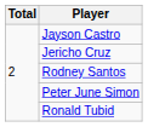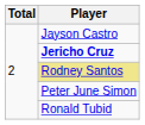 <table class=wikitable>
 <tr>
 <th>Total</th>
 <th>Player</th>
 </tr>
 <tr>
 <td rowspan=5>2</td>
 <td><a href='#'>Jayson Castro</a></td>
 </tr>
 <tr>
-<td><a href='#'>Jericho Cruz</a></td>
+<td><strong><a href='#'>Jericho Cruz</a></strong></td>
 </tr>
 <tr>
-<td><a href='#'>Rodney Santos</a></td>
+<td style="background: khaki;"><a href='#'>Rodney Santos</a></td>
 </tr>
 <tr>
 <td><a href='#'>Peter June Simon</a></td>
 </tr>
 <tr>
 <td><a href='#'>Ronald Tubid</a></td>
 </tr>
 </table>
